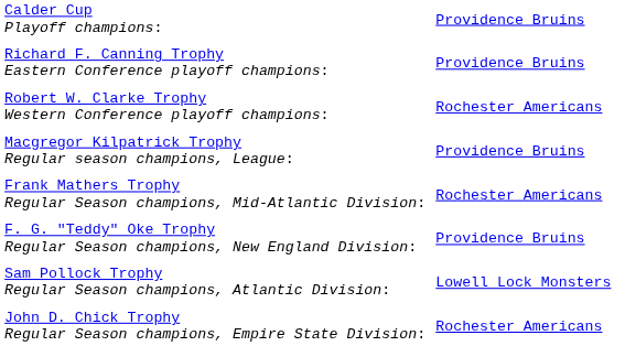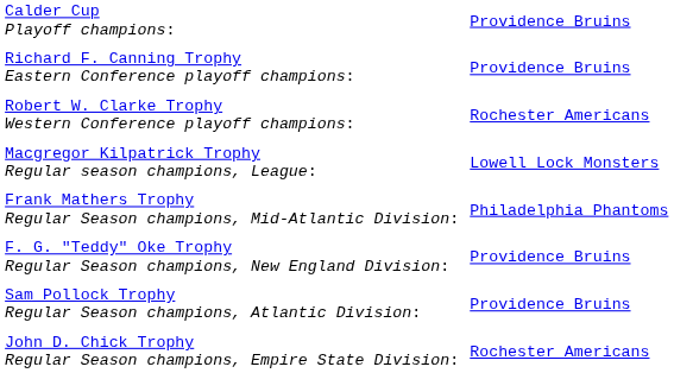 <table cellpadding="3" cellspacing="3">
 <tr>
 <td><a href='#'>Calder Cup</a><br><em>Playoff champions</em>:</td>
 <td><a href='#'>Providence Bruins</a></td>
 </tr>
 <tr>
 <td><a href='#'>Richard F. Canning Trophy</a><br><em>Eastern Conference playoff champions</em>:</td>
 <td><a href='#'>Providence Bruins</a></td>
 </tr>
 <tr>
 <td><a href='#'>Robert W. Clarke Trophy</a><br><em>Western Conference playoff champions</em>:</td>
 <td><a href='#'>Rochester Americans</a></td>
 </tr>
 <tr>
 <td><a href='#'>Macgregor Kilpatrick Trophy</a><br><em>Regular season champions, League</em>:</td>
-<td><a href='#'>Providence Bruins</a></td>
+<td><a href='#'>Lowell Lock Monsters</a></td>
 </tr>
 <tr>
 <td><a href='#'>Frank Mathers Trophy</a><br><em>Regular Season champions, Mid-Atlantic Division</em>:</td>
-<td><a href='#'>Rochester Americans</a></td>
+<td><a href='#'>Philadelphia Phantoms</a></td>
 </tr>
 <tr>
 <td><a href='#'>F. G. "Teddy" Oke Trophy</a><br><em>Regular Season champions, New England Division</em>:</td>
 <td><a href='#'>Providence Bruins</a></td>
 </tr>
 <tr>
 <td><a href='#'>Sam Pollock Trophy</a><br><em>Regular Season champions, Atlantic Division</em>:</td>
-<td><a href='#'>Lowell Lock Monsters</a></td>
+<td><a href='#'>Providence Bruins</a></td>
 </tr>
 <tr>
 <td><a href='#'>John D. Chick Trophy</a><br><em>Regular Season champions, Empire State Division</em>:</td>
 <td><a href='#'>Rochester Americans</a></td>
 </tr>
 </table>
